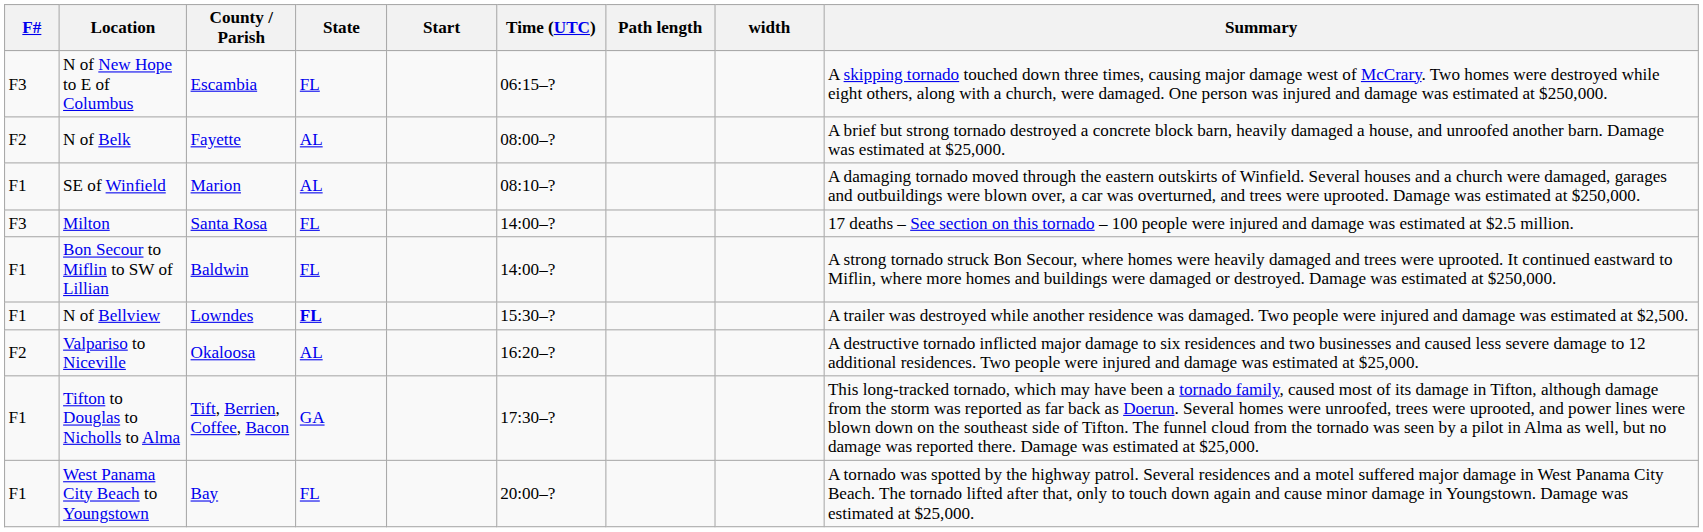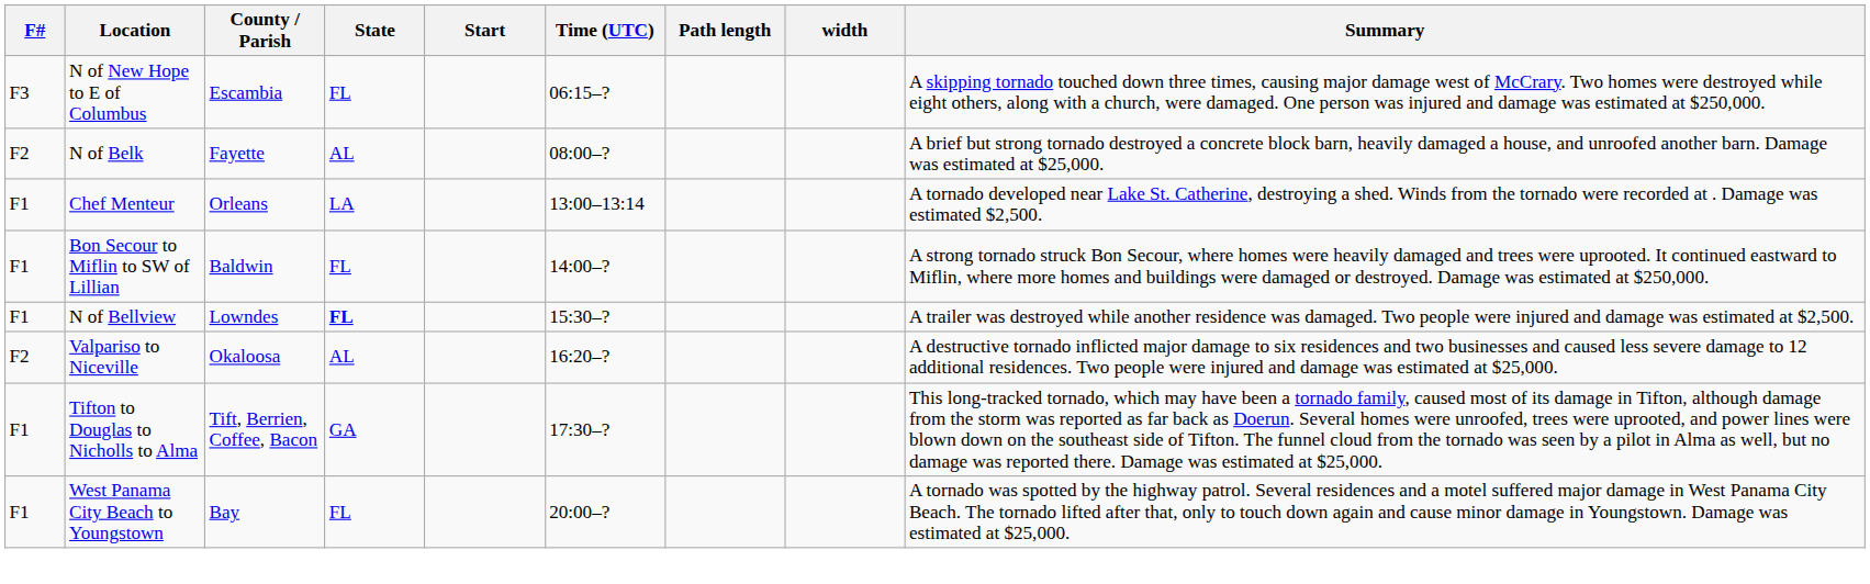 <table class="wikitable sortable" style="width:100%;">
 <tr>
 <th scope="col"  style="width:3%; text-align:center;"><a href='#'>F#</a></th>
 <th scope="col"  style="width:7%; text-align:center;" class="unsortable">Location</th>
 <th scope="col"  style="width:6%; text-align:center;" class="unsortable">County / Parish</th>
 <th scope="col"  style="width:5%; text-align:center;">State</th>
 <th scope="col"  style="width:6%; text-align:center;">Start<br></th>
 <th scope="col"  style="width:6%; text-align:center;">Time (<a href='#'>UTC</a>)</th>
 <th scope="col"  style="width:6%; text-align:center;">Path length</th>
 <th scope="col"  style="width:6%; text-align:center;"> width</th>
 <th scope="col" class="unsortable" style="width:48%; text-align:center;">Summary</th>
 </tr>
 <tr>
 <td>F3</td>
 <td>N of <a href='#'>New Hope</a> to E of <a href='#'>Columbus</a></td>
 <td><a href='#'>Escambia</a></td>
 <td><a href='#'>FL</a></td>
 <td></td>
 <td>06:15–?</td>
 <td></td>
 <td></td>
 <td>A <a href='#'>skipping tornado</a> touched down three times, causing major damage west of <a href='#'>McCrary</a>. Two homes were destroyed while eight others, along with a church, were damaged. One person was injured and damage was estimated at $250,000.</td>
 </tr>
 <tr>
 <td>F2</td>
 <td>N of <a href='#'>Belk</a></td>
 <td><a href='#'>Fayette</a></td>
 <td><a href='#'>AL</a></td>
 <td></td>
 <td>08:00–?</td>
 <td></td>
 <td></td>
 <td>A brief but strong tornado destroyed a concrete block barn, heavily damaged a house, and unroofed another barn. Damage was estimated at $25,000.</td>
 </tr>
 <tr>
 <td>F1</td>
-<td>SE of <a href='#'>Winfield</a></td>
-<td><a href='#'>Marion</a></td>
-<td><a href='#'>AL</a></td>
+<td><a href='#'>Chef Menteur</a></td>
+<td><a href='#'>Orleans</a></td>
+<td><a href='#'>LA</a></td>
 <td></td>
-<td>08:10–?</td>
+<td>13:00–13:14</td>
 <td></td>
 <td></td>
-<td>A damaging tornado moved through the eastern outskirts of Winfield. Several houses and a church were damaged, garages and outbuildings were blown over, a car was overturned, and trees were uprooted. Damage was estimated at $250,000.</td>
-</tr>
-<tr>
-<td>F3</td>
-<td><a href='#'>Milton</a></td>
-<td><a href='#'>Santa Rosa</a></td>
-<td><a href='#'>FL</a></td>
-<td></td>
-<td>14:00–?</td>
-<td></td>
-<td></td>
-<td>17 deaths – <a href='#'>See section on this tornado</a> – 100 people were injured and damage was estimated at $2.5 million.</td>
+<td>A tornado developed near <a href='#'>Lake St. Catherine</a>, destroying a shed. Winds from the tornado were recorded at . Damage was estimated $2,500.</td>
 </tr>
 <tr>
 <td>F1</td>
 <td><a href='#'>Bon Secour</a> to <a href='#'>Miflin</a> to SW of <a href='#'>Lillian</a></td>
 <td><a href='#'>Baldwin</a></td>
 <td><a href='#'>FL</a></td>
 <td></td>
 <td>14:00–?</td>
 <td></td>
 <td></td>
 <td>A strong tornado struck Bon Secour, where homes were heavily damaged and trees were uprooted. It continued eastward to Miflin, where more homes and buildings were damaged or destroyed. Damage was estimated at $250,000.</td>
 </tr>
 <tr>
 <td>F1</td>
 <td>N of <a href='#'>Bellview</a></td>
 <td><a href='#'>Lowndes</a></td>
 <td><strong><a href='#'>FL</a></strong></td>
 <td></td>
 <td>15:30–?</td>
 <td></td>
 <td></td>
 <td>A trailer was destroyed while another residence was damaged. Two people were injured and damage was estimated at $2,500.</td>
 </tr>
 <tr>
 <td>F2</td>
 <td><a href='#'>Valpariso</a> to <a href='#'>Niceville</a></td>
 <td><a href='#'>Okaloosa</a></td>
 <td><a href='#'>AL</a></td>
 <td></td>
 <td>16:20–?</td>
 <td></td>
 <td></td>
 <td>A destructive tornado inflicted major damage to six residences and two businesses and caused less severe damage to 12 additional residences. Two people were injured and damage was estimated at $25,000.</td>
 </tr>
 <tr>
 <td>F1</td>
 <td><a href='#'>Tifton</a> to <a href='#'>Douglas</a> to <a href='#'>Nicholls</a> to <a href='#'>Alma</a></td>
 <td><a href='#'>Tift</a>, <a href='#'>Berrien</a>, <a href='#'>Coffee</a>, <a href='#'>Bacon</a></td>
 <td><a href='#'>GA</a></td>
 <td></td>
 <td>17:30–?</td>
 <td></td>
 <td></td>
 <td>This long-tracked tornado, which may have been a <a href='#'>tornado family</a>, caused most of its damage in Tifton, although damage from the storm was reported as far back as <a href='#'>Doerun</a>. Several homes were unroofed, trees were uprooted, and power lines were blown down on the southeast side of Tifton. The funnel cloud from the tornado was seen by a pilot in Alma as well, but no damage was reported there. Damage was estimated at $25,000.</td>
 </tr>
 <tr>
 <td>F1</td>
 <td><a href='#'>West Panama City Beach</a> to <a href='#'>Youngstown</a></td>
 <td><a href='#'>Bay</a></td>
 <td><a href='#'>FL</a></td>
 <td></td>
 <td>20:00–?</td>
 <td></td>
 <td></td>
 <td>A tornado was spotted by the highway patrol. Several residences and a motel suffered major damage in West Panama City Beach. The tornado lifted after that, only to touch down again and cause minor damage in Youngstown. Damage was estimated at $25,000.</td>
 </tr>
 </table>
